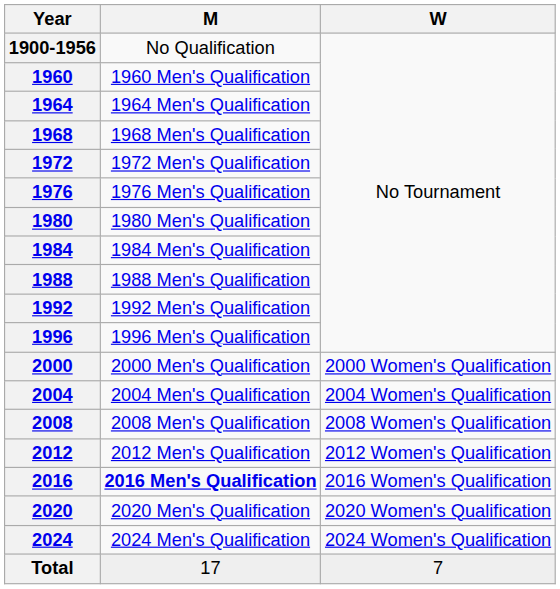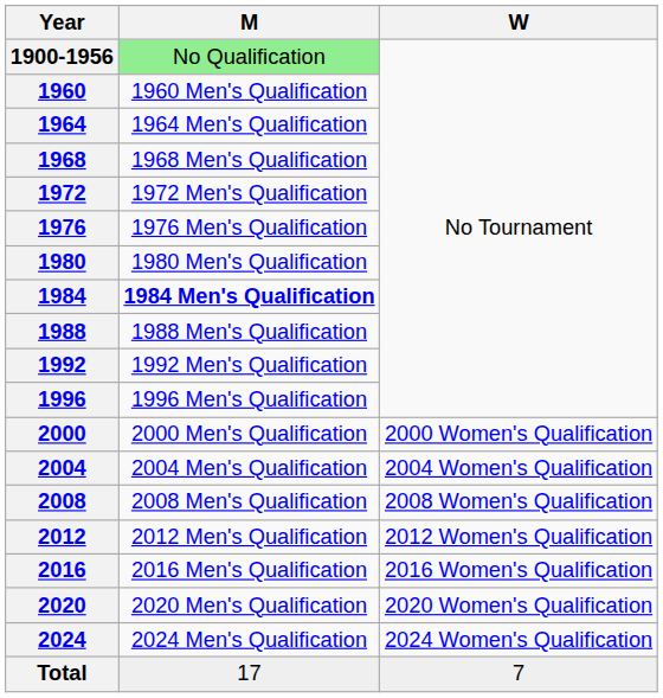 <table class="wikitable sortable" style="text-align:center">
 <tr>
 <th scope="col">Year</th>
 <th scope="col">M</th>
 <th scope="col">W</th>
 </tr>
 <tr>
 <th scope="row">1900-1956</th>
-<td>No Qualification</td>
+<td style="background: lightgreen;">No Qualification</td>
 <td rowspan=11>No Tournament</td>
 </tr>
 <tr>
 <th scope="row"><a href='#'>1960</a></th>
 <td><a href='#'>1960 Men's Qualification</a></td>
 </tr>
 <tr>
 <th scope="row"><a href='#'>1964</a></th>
 <td><a href='#'>1964 Men's Qualification</a></td>
 </tr>
 <tr>
 <th scope="row"><a href='#'>1968</a></th>
 <td><a href='#'>1968 Men's Qualification</a></td>
 </tr>
 <tr>
 <th scope="row"><a href='#'>1972</a></th>
 <td><a href='#'>1972 Men's Qualification</a></td>
 </tr>
 <tr>
 <th scope="row"><a href='#'>1976</a></th>
 <td><a href='#'>1976 Men's Qualification</a></td>
 </tr>
 <tr>
 <th scope="row"><a href='#'>1980</a></th>
 <td><a href='#'>1980 Men's Qualification</a></td>
 </tr>
 <tr>
 <th scope="row"><a href='#'>1984</a></th>
-<td><a href='#'>1984 Men's Qualification</a></td>
+<td><strong><a href='#'>1984 Men's Qualification</a></strong></td>
 </tr>
 <tr>
 <th scope="row"><a href='#'>1988</a></th>
 <td><a href='#'>1988 Men's Qualification</a></td>
 </tr>
 <tr>
 <th scope="row"><a href='#'>1992</a></th>
 <td><a href='#'>1992 Men's Qualification</a></td>
 </tr>
 <tr>
 <th scope="row"><a href='#'>1996</a></th>
 <td><a href='#'>1996 Men's Qualification</a></td>
 </tr>
 <tr>
 <th scope="row"><a href='#'>2000</a></th>
 <td><a href='#'>2000 Men's Qualification</a></td>
 <td><a href='#'>2000 Women's Qualification</a></td>
 </tr>
 <tr>
 <th scope="row"><a href='#'>2004</a></th>
 <td><a href='#'>2004 Men's Qualification</a></td>
 <td><a href='#'>2004 Women's Qualification</a></td>
 </tr>
 <tr>
 <th scope="row"><a href='#'>2008</a></th>
 <td><a href='#'>2008 Men's Qualification</a></td>
 <td><a href='#'>2008 Women's Qualification</a></td>
 </tr>
 <tr>
 <th scope="row"><a href='#'>2012</a></th>
 <td><a href='#'>2012 Men's Qualification</a></td>
 <td><a href='#'>2012 Women's Qualification</a></td>
 </tr>
 <tr>
 <th scope="row"><a href='#'>2016</a></th>
-<td><strong><a href='#'>2016 Men's Qualification</a></strong></td>
+<td><a href='#'>2016 Men's Qualification</a></td>
 <td><a href='#'>2016 Women's Qualification</a></td>
 </tr>
 <tr>
 <th scope="row"><a href='#'>2020</a></th>
 <td><a href='#'>2020 Men's Qualification</a></td>
 <td><a href='#'>2020 Women's Qualification</a></td>
 </tr>
 <tr>
 <th scope="row"><a href='#'>2024</a></th>
 <td><a href='#'>2024 Men's Qualification</a></td>
 <td><a href='#'>2024 Women's Qualification</a></td>
 </tr>
 <tr class="sortbottom" style="background:#EFEFEF">
 <th scope="row"><strong>Total</strong></th>
 <td>17</td>
 <td>7</td>
 </tr>
 </table>
